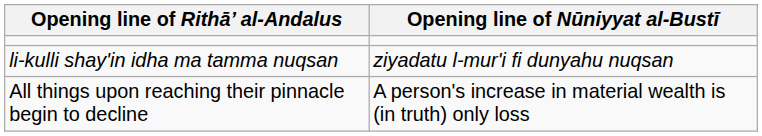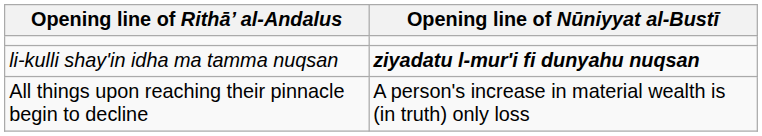 <table class="wikitable">
 <tr>
 <th>Opening line of <em>Rithā’ al-Andalus</em></th>
 <th>Opening line of <em>Nūniyyat al-Bustī</em></th>
 </tr>
 <tr>
 <td></td>
 <td></td>
 </tr>
 <tr>
 <td><em>li-kulli shay'in idha ma tamma nuqsan</em></td>
-<td><em>ziyadatu l-mur'i fi dunyahu nuqsan</em></td>
+<td><strong><em>ziyadatu l-mur'i fi dunyahu nuqsan</em></strong></td>
 </tr>
 <tr>
 <td>All things upon reaching their pinnacle begin to decline</td>
 <td>A person's increase in material wealth is (in truth) only loss</td>
 </tr>
 </table>
